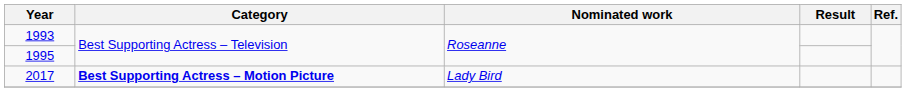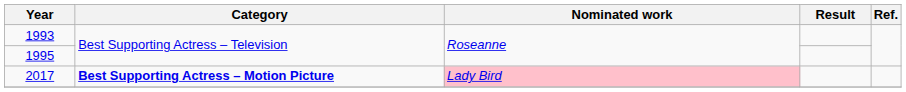 <table class=wikitable>
 <tr>
 <th scope="col" style="width:5em;">Year</th>
 <th scope="col" style="width:28em;">Category</th>
 <th scope="col" style="width:27em;">Nominated work</th>
 <th scope="col" style="width:5em;">Result</th>
 <th>Ref.</th>
 </tr>
 <tr>
 <td style="text-align:center;"><a href='#'>1993</a></td>
 <td rowspan=2><a href='#'>Best Supporting Actress – Television</a></td>
 <td rowspan=2><em><a href='#'>Roseanne</a></em></td>
 <td></td>
 <td style="text-align:center;", rowspan=2></td>
 </tr>
 <tr>
 <td style="text-align:center;"><a href='#'>1995</a></td>
 <td></td>
 </tr>
 <tr>
 <td style="text-align:center;"><a href='#'>2017</a></td>
 <td><strong><a href='#'>Best Supporting Actress – Motion Picture</a></strong></td>
-<td><em><a href='#'>Lady Bird</a></em></td>
+<td style="background: pink;"><em><a href='#'>Lady Bird</a></em></td>
 <td></td>
 <td style="text-align:center;"></td>
 </tr>
 <tr>
 </tr>
 </table>
